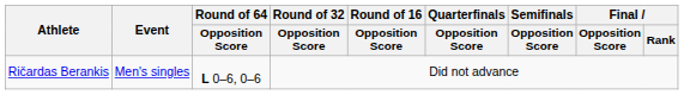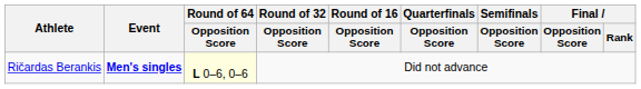 <table class=wikitable style="font-size:90%">
 <tr>
 <th rowspan="2">Athlete</th>
 <th rowspan="2">Event</th>
 <th>Round of 64</th>
 <th>Round of 32</th>
 <th>Round of 16</th>
 <th>Quarterfinals</th>
 <th>Semifinals</th>
 <th colspan=2>Final / </th>
 </tr>
 <tr style="font-size:95%">
 <th>Opposition<br>Score</th>
 <th>Opposition<br>Score</th>
 <th>Opposition<br>Score</th>
 <th>Opposition<br>Score</th>
 <th>Opposition<br>Score</th>
 <th>Opposition<br>Score</th>
 <th>Rank</th>
 </tr>
 <tr align=center>
 <td align=left><a href='#'>Ričardas Berankis</a></td>
-<td align=left><a href='#'>Men's singles</a></td>
-<td><br><strong>L</strong> 0–6, 0–6</td>
+<td align=left><strong><a href='#'>Men's singles</a></strong></td>
+<td style="background: lightyellow;"><br><strong>L</strong> 0–6, 0–6</td>
 <td colspan=6>Did not advance</td>
 </tr>
 </table>
